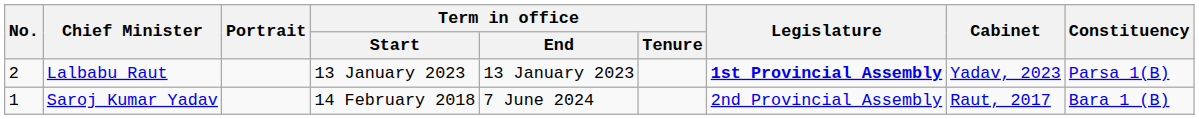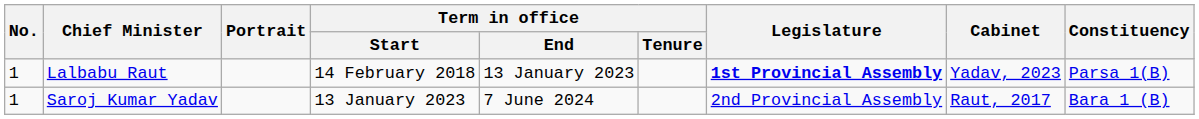 <table class="wikitable">
 <tr>
 <th rowspan="2" style="background-color:">No.</th>
 <th rowspan="2" style="background-color:">Chief Minister</th>
 <th rowspan="2" style="background-color:">Portrait</th>
 <th colspan="3" style="background-color:">Term in office</th>
 <th rowspan="2" style="background-color:">Legislature</th>
 <th rowspan="2" style="background-color:">Cabinet</th>
 <th rowspan="2" style="background-color:">Constituency</th>
 </tr>
 <tr>
 <th style="background-color:">Start</th>
 <th style="background-color:">End</th>
 <th style="background-color:">Tenure</th>
 </tr>
 <tr>
-<td>2</td>
+<td>1</td>
 <td><a href='#'>Lalbabu Raut</a></td>
 <td></td>
-<td>13 January 2023</td>
+<td>14 February 2018</td>
 <td>13 January 2023</td>
 <td></td>
 <td><strong><a href='#'>1st Provincial Assembly</a></strong></td>
 <td><a href='#'>Yadav, 2023</a></td>
 <td><a href='#'>Parsa 1(B)</a></td>
 </tr>
 <tr>
 <td>1</td>
 <td><a href='#'>Saroj Kumar Yadav</a></td>
 <td></td>
-<td>14 February 2018</td>
+<td>13 January 2023</td>
 <td>7 June 2024</td>
 <td></td>
 <td><a href='#'>2nd Provincial Assembly</a></td>
 <td><a href='#'>Raut, 2017</a></td>
 <td><a href='#'>Bara 1 (B)</a></td>
 </tr>
 </table>
